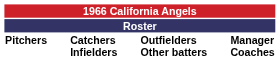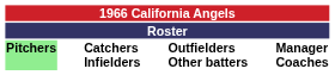 <table class="toccolours" style="font-size: 95%;">
 <tr>
 <th colspan="10" style="background-color: #CE2029; color: white; text-align: center;">1966 California Angels</th>
 </tr>
 <tr>
 <td colspan="10" style="background-color:#333366; color: white; text-align: center;"><strong>Roster</strong></td>
 </tr>
 <tr>
-<td valign="top"><strong>Pitchers</strong><br>                </td>
+<td valign="top" style="background: lightgreen;"><strong>Pitchers</strong><br>                </td>
 <td width="25px"></td>
 <td valign="top"><strong>Catchers</strong><br>   <strong>Infielders</strong>         </td>
 <td width="25px"></td>
 <td valign="top"><strong>Outfielders</strong><br>          <strong>Other batters</strong> </td>
 <td width="25px"></td>
 <td valign="top"><strong>Manager</strong><br> <strong>Coaches</strong>    </td>
 </tr>
 </table>
